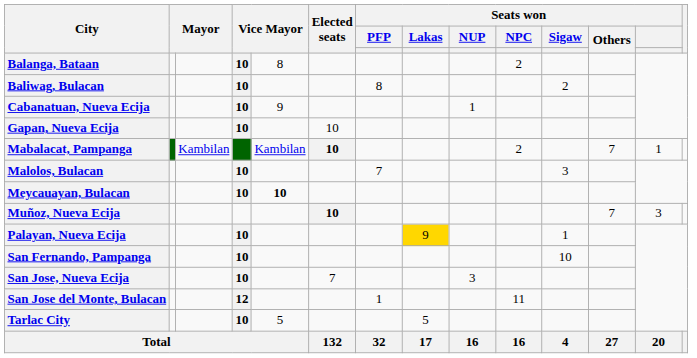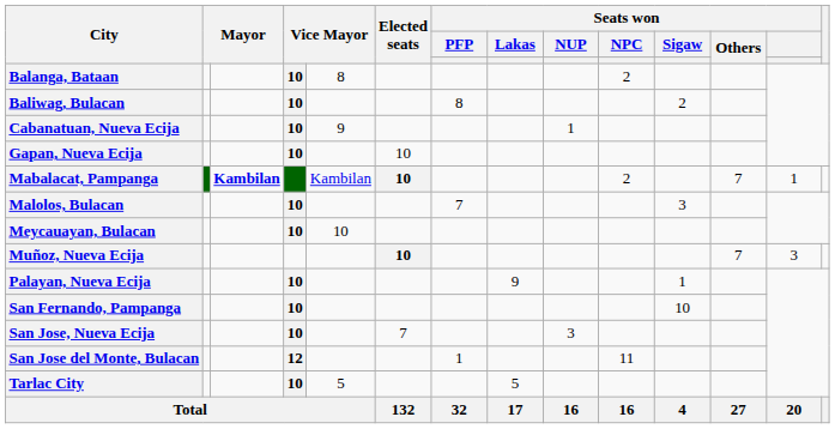 <table class="wikitable" style="text-align:center; font-size: 0.9em;">
 <tr>
 <th rowspan="3">City</th>
 <th colspan="2" rowspan="3" style="width:60px;">Mayor</th>
 <th colspan="2" rowspan="3" style="width:60px;">Vice Mayor</th>
 <th rowspan="3">Elected<br>seats</th>
 <th colspan="7">Seats won</th>
 <th rowspan="3"></th>
 </tr>
 <tr>
 <th class="unsortable" style="width:45px;"><a href='#'>PFP</a></th>
 <th class="unsortable" style="width:45px;"><a href='#'>Lakas</a></th>
 <th class="unsortable" style="width:45px;"><a href='#'>NUP</a></th>
 <th class="unsortable" style="width:45px;"><a href='#'>NPC</a></th>
 <th class="unsortable" style="width:45px;"><a href='#'>Sigaw</a></th>
 <th rowspan="2" class="unsortable" style="width:45px;">Others</th>
 <th class="unsortable" style="width:45px;"></th>
 </tr>
 <tr>
 <th style="color:inherit;background:"></th>
 <th style="color:inherit;background:"></th>
 <th style="color:inherit;background:"></th>
 <th style="color:inherit;background:"></th>
 <th style="color:inherit;background:"></th>
 <th style="color:inherit;background:"></th>
 </tr>
 <tr>
 <th style="text-align: left;"><a href='#'>Balanga, Bataan</a></th>
 <td></td>
 <td></td>
 <th>10</th>
 <td>8</td>
 <td></td>
 <td></td>
 <td></td>
 <td></td>
 <td>2</td>
 <td></td>
 <td></td>
 </tr>
 <tr>
 <th style="text-align: left;"><a href='#'>Baliwag, Bulacan</a></th>
 <td></td>
 <td></td>
 <th>10</th>
 <td></td>
 <td></td>
 <td>8</td>
 <td></td>
 <td></td>
 <td></td>
 <td>2</td>
 <td></td>
 </tr>
 <tr>
 <th style="text-align: left;"><a href='#'>Cabanatuan, Nueva Ecija</a></th>
 <td></td>
 <td></td>
 <th>10</th>
 <td>9</td>
 <td></td>
 <td></td>
 <td></td>
 <td>1</td>
 <td></td>
 <td></td>
 <td></td>
 </tr>
 <tr>
 <th style="text-align: left;"><a href='#'>Gapan, Nueva Ecija</a></th>
 <td></td>
 <td></td>
 <th>10</th>
 <td></td>
 <td>10</td>
 <td></td>
 <td></td>
 <td></td>
 <td></td>
 <td></td>
 <td></td>
 </tr>
 <tr>
 <th style="text-align: left;"><a href='#'>Mabalacat, Pampanga</a></th>
 <td style="background-color:#006400"></td>
-<td style="text-align: left;"><a href='#'>Kambilan</a></td>
+<td style="text-align: left;"><strong><a href='#'>Kambilan</a></strong></td>
 <td style="background-color:#006400"></td>
 <td style="text-align: left;"><a href='#'>Kambilan</a></td>
 <th>10</th>
 <td></td>
 <td></td>
 <td></td>
 <td>2</td>
 <td></td>
 <td>7</td>
 <td>1</td>
 <td></td>
 </tr>
 <tr>
 <th style="text-align: left;"><a href='#'>Malolos, Bulacan</a></th>
 <td></td>
 <td></td>
 <th>10</th>
 <td></td>
 <td></td>
 <td>7</td>
 <td></td>
 <td></td>
 <td></td>
 <td>3</td>
 <td></td>
 </tr>
 <tr>
 <th style="text-align: left;"><a href='#'>Meycauayan, Bulacan</a></th>
 <td></td>
 <td></td>
 <th>10</th>
-<td><strong>10</strong></td>
+<td>10</td>
 <td></td>
 <td></td>
 <td></td>
 <td></td>
 <td></td>
 <td></td>
 <td></td>
 </tr>
 <tr>
 <th style="text-align: left;"><a href='#'>Muñoz, Nueva Ecija</a></th>
 <td></td>
 <td style="text-align: left;"></td>
 <td></td>
 <td style="text-align: left;"></td>
 <th>10</th>
 <td></td>
 <td></td>
 <td></td>
 <td></td>
 <td></td>
 <td>7</td>
 <td>3</td>
 <td></td>
 </tr>
 <tr>
 <th style="text-align: left;"><a href='#'>Palayan, Nueva Ecija</a></th>
 <td></td>
 <td></td>
 <th>10</th>
 <td></td>
 <td></td>
 <td></td>
-<td style="background: gold;">9</td>
+<td>9</td>
 <td></td>
 <td></td>
 <td>1</td>
 <td></td>
 </tr>
 <tr>
 <th style="text-align: left;"><a href='#'>San Fernando, Pampanga</a></th>
 <td></td>
 <td></td>
 <th>10</th>
 <td></td>
 <td></td>
 <td></td>
 <td></td>
 <td></td>
 <td></td>
 <td>10</td>
 <td></td>
 </tr>
 <tr>
 <th style="text-align: left;"><a href='#'>San Jose, Nueva Ecija</a></th>
 <td></td>
 <td></td>
 <th>10</th>
 <td></td>
 <td>7</td>
 <td></td>
 <td></td>
 <td>3</td>
 <td></td>
 <td></td>
 <td></td>
 </tr>
 <tr>
 <th style="text-align: left;"><a href='#'>San Jose del Monte, Bulacan</a></th>
 <td></td>
 <td></td>
 <th>12</th>
 <td></td>
 <td></td>
 <td>1</td>
 <td></td>
 <td></td>
 <td>11</td>
 <td></td>
 <td></td>
 </tr>
 <tr>
 <th style="text-align: left;"><a href='#'>Tarlac City</a></th>
 <td></td>
 <td></td>
 <th>10</th>
 <td>5</td>
 <td></td>
 <td></td>
 <td>5</td>
 <td></td>
 <td></td>
 <td></td>
 <td></td>
 </tr>
 <tr>
 <th colspan="5">Total</th>
 <th>132</th>
 <th>32</th>
 <th>17</th>
 <th>16</th>
 <th>16</th>
 <th>4</th>
 <th>27</th>
 <th>20</th>
 <th></th>
 </tr>
 </table>
